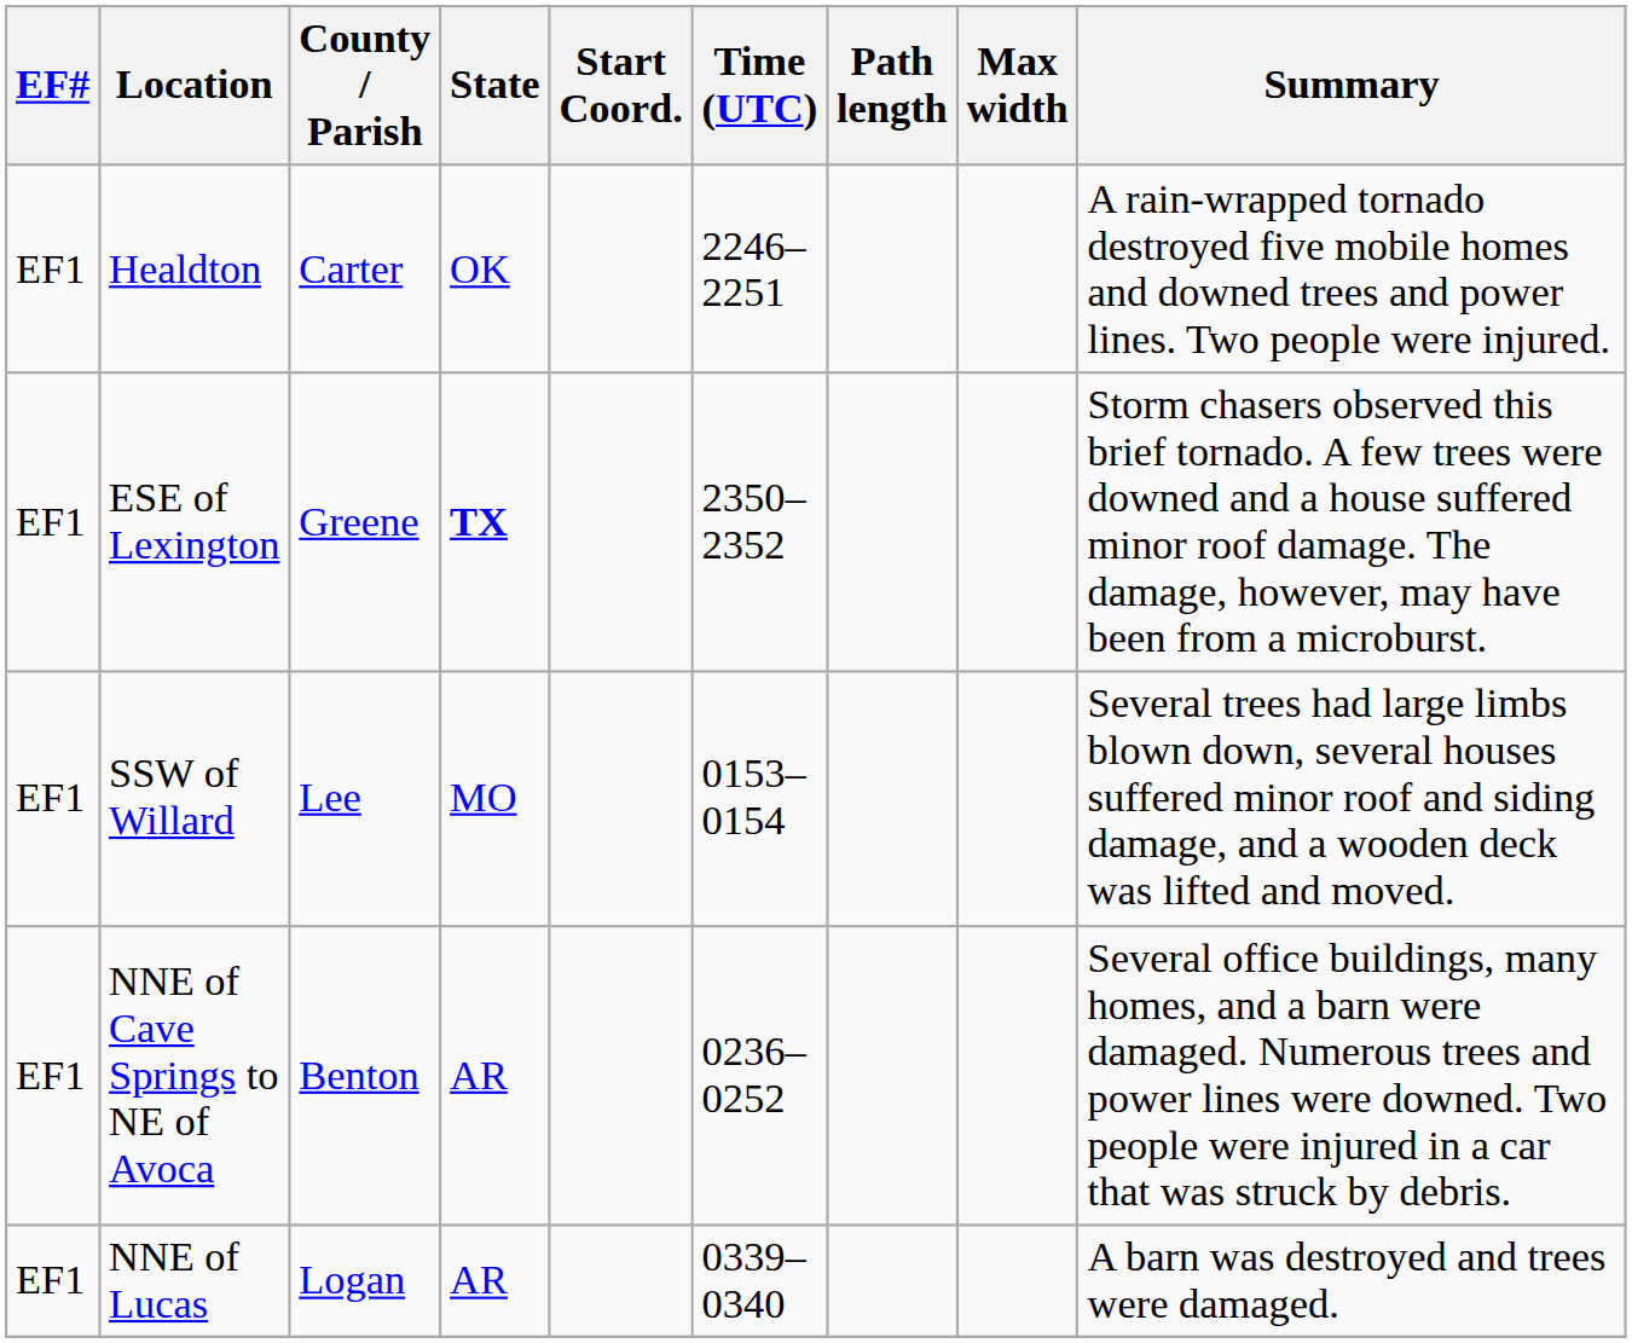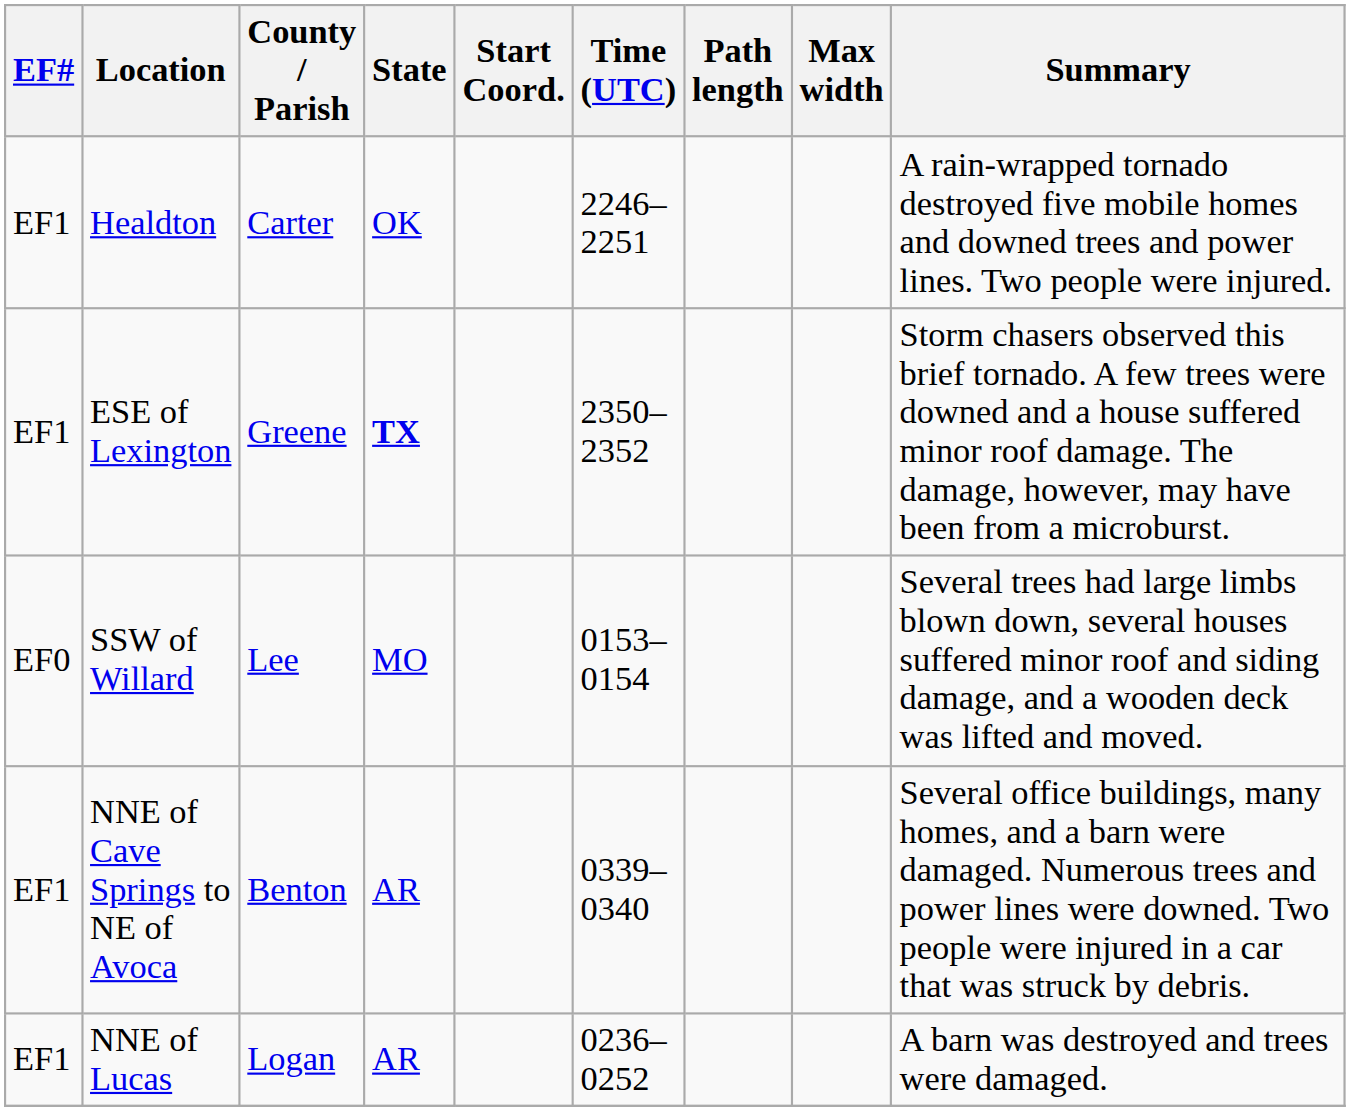 <table class="wikitable sortable" style="width:100%;">
 <tr>
 <th scope="col" width="3%" align="center"><a href='#'>EF#</a></th>
 <th scope="col" width="7%" align="center" class="unsortable">Location</th>
 <th scope="col" width="6%" align="center" class="unsortable">County / Parish</th>
 <th scope="col" width="5%" align="center">State</th>
 <th scope="col" width="6%" align="center">Start Coord.</th>
 <th scope="col" width="6%" align="center">Time (<a href='#'>UTC</a>)</th>
 <th scope="col" width="6%" align="center">Path length</th>
 <th scope="col" width="6%" align="center">Max width</th>
 <th scope="col" width="48%" class="unsortable" align="center">Summary</th>
 </tr>
 <tr>
 <td>EF1</td>
 <td><a href='#'>Healdton</a></td>
 <td><a href='#'>Carter</a></td>
 <td><a href='#'>OK</a></td>
 <td></td>
 <td>2246–2251</td>
 <td></td>
 <td></td>
 <td>A rain-wrapped tornado destroyed five mobile homes and downed trees and power lines. Two people were injured.</td>
 </tr>
 <tr>
 <td>EF1</td>
 <td>ESE of <a href='#'>Lexington</a></td>
 <td><a href='#'>Greene</a></td>
 <td><strong><a href='#'>TX</a></strong></td>
 <td></td>
 <td>2350–2352</td>
 <td></td>
 <td></td>
 <td>Storm chasers observed this brief tornado. A few trees were downed and a house suffered minor roof damage. The damage, however, may have been from a microburst.</td>
 </tr>
 <tr>
-<td>EF1</td>
+<td>EF0</td>
 <td>SSW of <a href='#'>Willard</a></td>
 <td><a href='#'>Lee</a></td>
 <td><a href='#'>MO</a></td>
 <td></td>
 <td>0153–0154</td>
 <td></td>
 <td></td>
 <td>Several trees had large limbs blown down, several houses suffered minor roof and siding damage, and a wooden deck was lifted and moved.</td>
 </tr>
 <tr>
 <td>EF1</td>
 <td>NNE of <a href='#'>Cave Springs</a> to NE of <a href='#'>Avoca</a></td>
 <td><a href='#'>Benton</a></td>
 <td><a href='#'>AR</a></td>
 <td></td>
-<td>0236–0252</td>
+<td>0339–0340</td>
 <td></td>
 <td></td>
 <td>Several office buildings, many homes, and a barn were damaged. Numerous trees and power lines were downed. Two people were injured in a car that was struck by debris.</td>
 </tr>
 <tr>
 <td>EF1</td>
 <td>NNE of <a href='#'>Lucas</a></td>
 <td><a href='#'>Logan</a></td>
 <td><a href='#'>AR</a></td>
 <td></td>
-<td>0339–0340</td>
+<td>0236–0252</td>
 <td></td>
 <td></td>
 <td>A barn was destroyed and trees were damaged.</td>
 </tr>
 <tr>
 </tr>
 </table>
